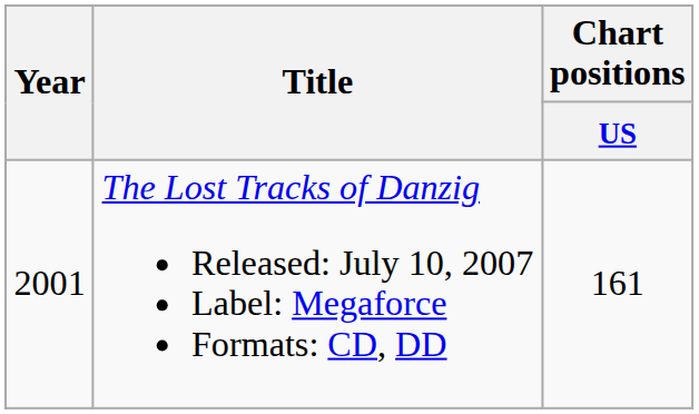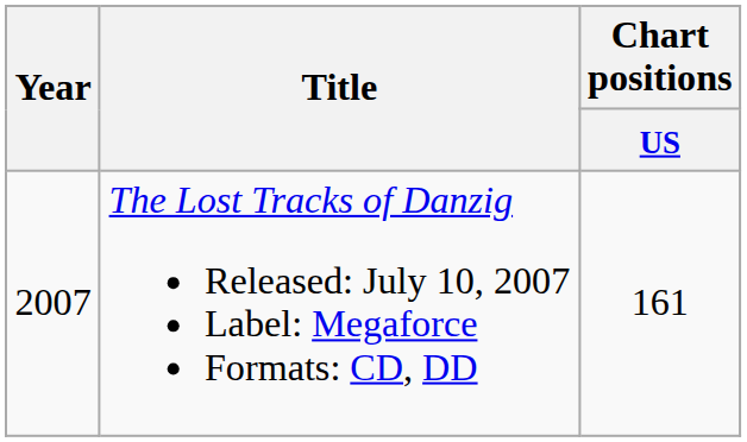 <table class="wikitable">
 <tr>
 <th scope="col" rowspan="2">Year</th>
 <th scope="col" rowspan="2">Title</th>
 <th scope="col" colspan="1">Chart positions</th>
 </tr>
 <tr>
 <th scope="col" width="25"><small><a href='#'>US</a><br></small></th>
 </tr>
 <tr>
-<td>2001</td>
+<td>2007</td>
 <td><em><a href='#'>The Lost Tracks of Danzig</a></em><br><ul><li>Released: July 10, 2007</li><li>Label: <a href='#'>Megaforce</a></li><li>Formats: <a href='#'>CD</a>, <a href='#'>DD</a></li></ul></td>
 <td style="text-align:center;">161</td>
 </tr>
 </table>
